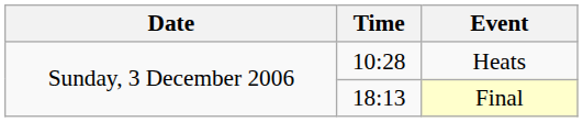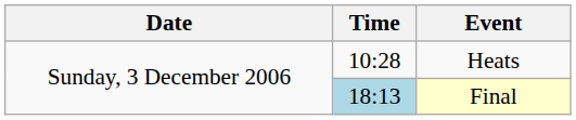 <table class = "wikitable" style="text-align:center;">
 <tr>
 <th width=220>Date</th>
 <th width=50>Time</th>
 <th width=100>Event</th>
 </tr>
 <tr>
 <td rowspan=2>Sunday, 3 December 2006</td>
 <td>10:28</td>
 <td>Heats</td>
 </tr>
 <tr>
-<td>18:13</td>
+<td style="background: lightblue;">18:13</td>
 <td bgcolor=ffffcc>Final</td>
 </tr>
 </table>
